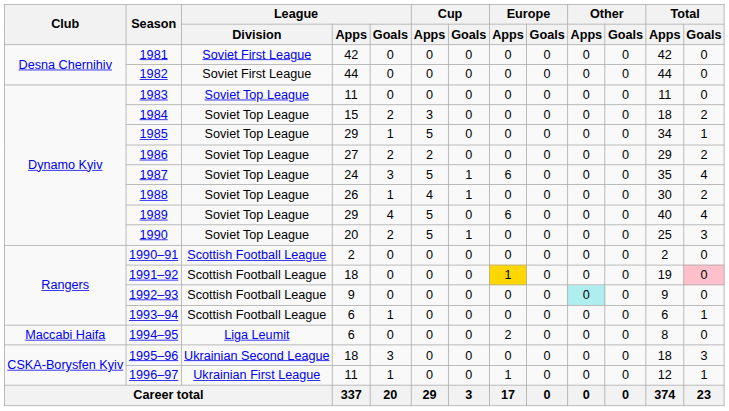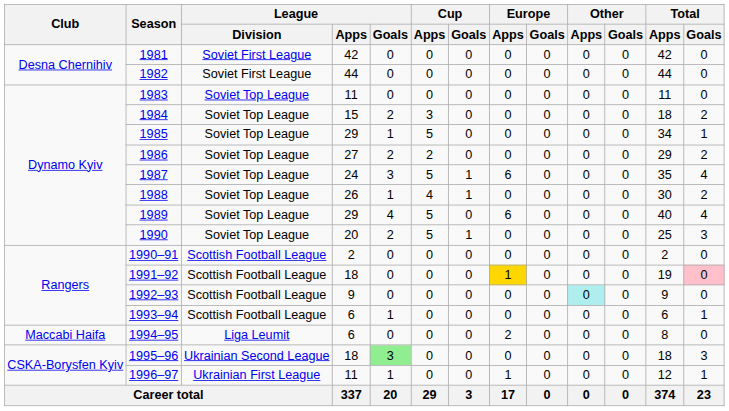 <table class="wikitable" style="text-align:center">
 <tr>
 <th rowspan="2">Club</th>
 <th rowspan="2">Season</th>
 <th colspan="3">League</th>
 <th colspan="2">Cup</th>
 <th colspan="2">Europe</th>
 <th colspan="2">Other</th>
 <th colspan="2">Total</th>
 </tr>
 <tr>
 <th>Division</th>
 <th>Apps</th>
 <th>Goals</th>
 <th>Apps</th>
 <th>Goals</th>
 <th>Apps</th>
 <th>Goals</th>
 <th>Apps</th>
 <th>Goals</th>
 <th>Apps</th>
 <th>Goals</th>
 </tr>
 <tr>
 <td rowspan="2"><a href='#'>Desna Chernihiv</a></td>
 <td><a href='#'>1981</a></td>
 <td><a href='#'>Soviet First League</a></td>
 <td>42</td>
 <td>0</td>
 <td>0</td>
 <td>0</td>
 <td>0</td>
 <td>0</td>
 <td>0</td>
 <td>0</td>
 <td>42</td>
 <td>0</td>
 </tr>
 <tr>
 <td><a href='#'>1982</a></td>
 <td>Soviet First League</td>
 <td>44</td>
 <td>0</td>
 <td>0</td>
 <td>0</td>
 <td>0</td>
 <td>0</td>
 <td>0</td>
 <td>0</td>
 <td>44</td>
 <td>0</td>
 </tr>
 <tr>
 <td rowspan="8"><a href='#'>Dynamo Kyiv</a></td>
 <td><a href='#'>1983</a></td>
 <td><a href='#'>Soviet Top League</a></td>
 <td>11</td>
 <td>0</td>
 <td>0</td>
 <td>0</td>
 <td>0</td>
 <td>0</td>
 <td>0</td>
 <td>0</td>
 <td>11</td>
 <td>0</td>
 </tr>
 <tr>
 <td><a href='#'>1984</a></td>
 <td>Soviet Top League</td>
 <td>15</td>
 <td>2</td>
 <td>3</td>
 <td>0</td>
 <td>0</td>
 <td>0</td>
 <td>0</td>
 <td>0</td>
 <td>18</td>
 <td>2</td>
 </tr>
 <tr>
 <td><a href='#'>1985</a></td>
 <td>Soviet Top League</td>
 <td>29</td>
 <td>1</td>
 <td>5</td>
 <td>0</td>
 <td>0</td>
 <td>0</td>
 <td>0</td>
 <td>0</td>
 <td>34</td>
 <td>1</td>
 </tr>
 <tr>
 <td><a href='#'>1986</a></td>
 <td>Soviet Top League</td>
 <td>27</td>
 <td>2</td>
 <td>2</td>
 <td>0</td>
 <td>0</td>
 <td>0</td>
 <td>0</td>
 <td>0</td>
 <td>29</td>
 <td>2</td>
 </tr>
 <tr>
 <td><a href='#'>1987</a></td>
 <td>Soviet Top League</td>
 <td>24</td>
 <td>3</td>
 <td>5</td>
 <td>1</td>
 <td>6</td>
 <td>0</td>
 <td>0</td>
 <td>0</td>
 <td>35</td>
 <td>4</td>
 </tr>
 <tr>
 <td><a href='#'>1988</a></td>
 <td>Soviet Top League</td>
 <td>26</td>
 <td>1</td>
 <td>4</td>
 <td>1</td>
 <td>0</td>
 <td>0</td>
 <td>0</td>
 <td>0</td>
 <td>30</td>
 <td>2</td>
 </tr>
 <tr>
 <td><a href='#'>1989</a></td>
 <td>Soviet Top League</td>
 <td>29</td>
 <td>4</td>
 <td>5</td>
 <td>0</td>
 <td>6</td>
 <td>0</td>
 <td>0</td>
 <td>0</td>
 <td>40</td>
 <td>4</td>
 </tr>
 <tr>
 <td><a href='#'>1990</a></td>
 <td>Soviet Top League</td>
 <td>20</td>
 <td>2</td>
 <td>5</td>
 <td>1</td>
 <td>0</td>
 <td>0</td>
 <td>0</td>
 <td>0</td>
 <td>25</td>
 <td>3</td>
 </tr>
 <tr>
 <td rowspan="4"><a href='#'>Rangers</a></td>
 <td><a href='#'>1990–91</a></td>
 <td><a href='#'>Scottish Football League</a></td>
 <td>2</td>
 <td>0</td>
 <td>0</td>
 <td>0</td>
 <td>0</td>
 <td>0</td>
 <td>0</td>
 <td>0</td>
 <td>2</td>
 <td>0</td>
 </tr>
 <tr>
 <td><a href='#'>1991–92</a></td>
 <td>Scottish Football League</td>
 <td>18</td>
 <td>0</td>
 <td>0</td>
 <td>0</td>
 <td style="background: gold;">1</td>
 <td>0</td>
 <td>0</td>
 <td>0</td>
 <td>19</td>
 <td style="background: pink;">0</td>
 </tr>
 <tr>
 <td><a href='#'>1992–93</a></td>
 <td>Scottish Football League</td>
 <td>9</td>
 <td>0</td>
 <td>0</td>
 <td>0</td>
 <td>0</td>
 <td>0</td>
 <td style="background: paleturquoise;">0</td>
 <td>0</td>
 <td>9</td>
 <td>0</td>
 </tr>
 <tr>
 <td><a href='#'>1993–94</a></td>
 <td>Scottish Football League</td>
 <td>6</td>
 <td>1</td>
 <td>0</td>
 <td>0</td>
 <td>0</td>
 <td>0</td>
 <td>0</td>
 <td>0</td>
 <td>6</td>
 <td>1</td>
 </tr>
 <tr>
 <td><a href='#'>Maccabi Haifa</a></td>
 <td><a href='#'>1994–95</a></td>
 <td><a href='#'>Liga Leumit</a></td>
 <td>6</td>
 <td>0</td>
 <td>0</td>
 <td>0</td>
 <td>2</td>
 <td>0</td>
 <td>0</td>
 <td>0</td>
 <td>8</td>
 <td>0</td>
 </tr>
 <tr>
 <td rowspan="2"><a href='#'>CSKA-Borysfen Kyiv</a></td>
 <td><a href='#'>1995–96</a></td>
 <td><a href='#'>Ukrainian Second League</a></td>
 <td>18</td>
-<td>3</td>
+<td style="background: lightgreen;">3</td>
 <td>0</td>
 <td>0</td>
 <td>0</td>
 <td>0</td>
 <td>0</td>
 <td>0</td>
 <td>18</td>
 <td>3</td>
 </tr>
 <tr>
 <td><a href='#'>1996–97</a></td>
 <td><a href='#'>Ukrainian First League</a></td>
 <td>11</td>
 <td>1</td>
 <td>0</td>
 <td>0</td>
 <td>1</td>
 <td>0</td>
 <td>0</td>
 <td>0</td>
 <td>12</td>
 <td>1</td>
 </tr>
 <tr>
 <th colspan="3">Career total</th>
 <th>337</th>
 <th>20</th>
 <th>29</th>
 <th>3</th>
 <th>17</th>
 <th>0</th>
 <th>0</th>
 <th>0</th>
 <th>374</th>
 <th>23</th>
 </tr>
 </table>
